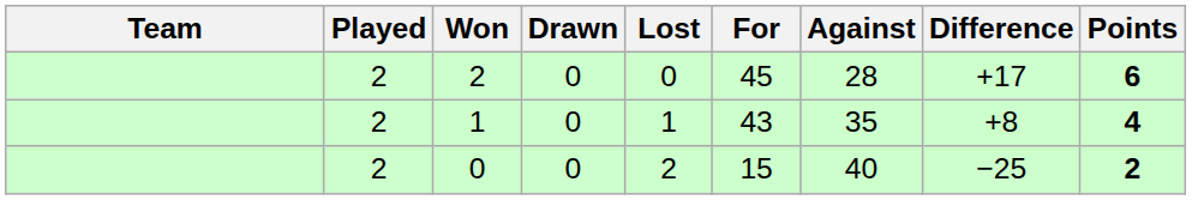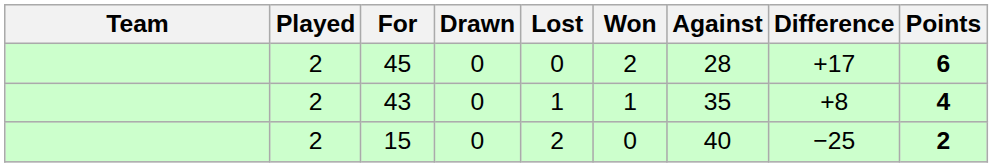 <table class="wikitable" style="text-align:center">
 <tr>
 <th width=165>Team</th>
 <th width=40>Played</th>
-<th width=40>Won</th>
+<th width=40>For</th>
 <th width=40>Drawn</th>
 <th width=40>Lost</th>
-<th width=40>For</th>
+<th width=40>Won</th>
 <th width=40>Against</th>
 <th width=40>Difference</th>
 <th width=40>Points</th>
 </tr>
 <tr bgcolor=#ccffcc>
 <td style="text-align:left"></td>
 <td>2</td>
-<td>2</td>
+<td>45</td>
 <td>0</td>
 <td>0</td>
-<td>45</td>
+<td>2</td>
 <td>28</td>
 <td>+17</td>
 <td><strong>6</strong></td>
 </tr>
 <tr bgcolor=#ccffcc>
 <td style="text-align:left"></td>
 <td>2</td>
-<td>1</td>
+<td>43</td>
 <td>0</td>
 <td>1</td>
-<td>43</td>
+<td>1</td>
 <td>35</td>
 <td>+8</td>
 <td><strong>4</strong></td>
 </tr>
 <tr bgcolor=#ccffcc>
 <td style="text-align:left"></td>
 <td>2</td>
-<td>0</td>
+<td>15</td>
 <td>0</td>
 <td>2</td>
-<td>15</td>
+<td>0</td>
 <td>40</td>
 <td>−25</td>
 <td><strong>2</strong></td>
 </tr>
 </table>
